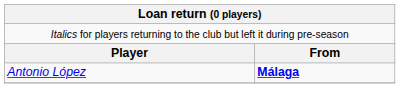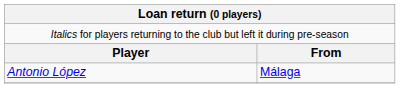 <table class="wikitable collapsible collapsed">
 <tr>
 <th colspan="2" width="500"> <strong>Loan return</strong> <small>(0 players)</small></th>
 </tr>
 <tr>
 <td colspan="2" align="center"><small><em>Italics</em> for players returning to the club but left it during pre-season</small></td>
 </tr>
 <tr>
 <th>Player</th>
 <th>From</th>
 </tr>
 <tr>
 <td> <em><a href='#'>Antonio López</a></em></td>
-<td><strong> <a href='#'>Málaga</a></strong></td>
+<td> <a href='#'>Málaga</a></td>
 </tr>
 <tr>
 </tr>
 </table>
